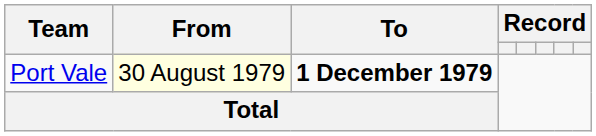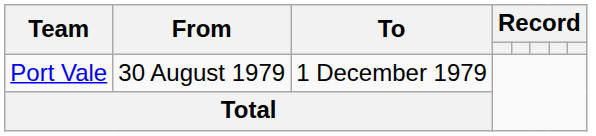 <table class=wikitable style="text-align: center">
 <tr>
 <th rowspan=2>Team</th>
 <th rowspan=2>From</th>
 <th rowspan=2>To</th>
 <th colspan=5>Record</th>
 </tr>
 <tr>
 <th></th>
 <th></th>
 <th></th>
 <th></th>
 <th></th>
 </tr>
 <tr>
 <td align=left><a href='#'>Port Vale</a></td>
-<td align=left style="background: lightyellow;">30 August 1979</td>
-<td align=left><strong>1 December 1979<br></strong></td>
+<td align=left>30 August 1979</td>
+<td align=left>1 December 1979<br></td>
 </tr>
 <tr>
 <th colspan=3>Total<br></th>
 </tr>
 </table>
